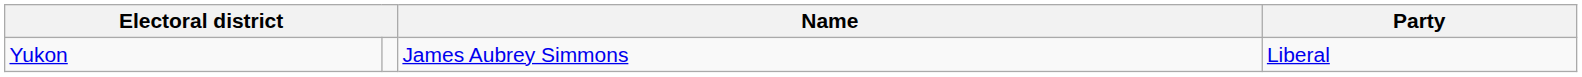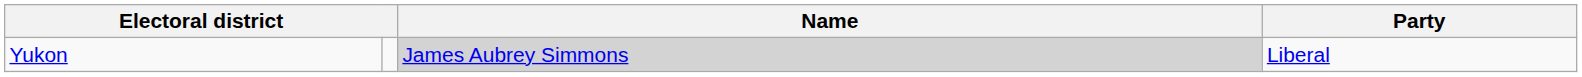 <table class="wikitable" width=95%>
 <tr>
 <th colspan=2 width=25%>Electoral district</th>
 <th>Name</th>
 <th width=20%>Party</th>
 </tr>
 <tr>
 <td width=24%><a href='#'>Yukon</a></td>
 <td></td>
-<td><a href='#'>James Aubrey Simmons</a></td>
+<td style="background: lightgrey;"><a href='#'>James Aubrey Simmons</a></td>
 <td><a href='#'>Liberal</a></td>
 </tr>
 </table>
